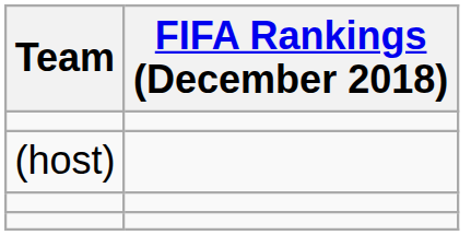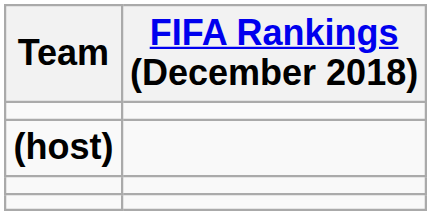 <table class="wikitable sortable" style="text-align: left;">
 <tr>
 <th>Team</th>
 <th><a href='#'>FIFA Rankings</a><br>(December 2018)</th>
 </tr>
 <tr>
 <td></td>
 <td></td>
 </tr>
 <tr>
-<td> (host)</td>
+<td><strong> (host)</strong></td>
 <td></td>
 </tr>
 <tr>
 <td></td>
 <td></td>
 </tr>
 <tr>
 <td></td>
 <td></td>
 </tr>
 </table>
